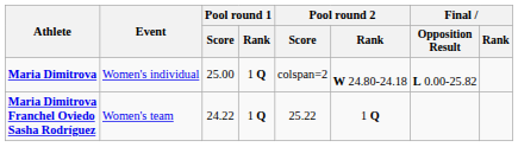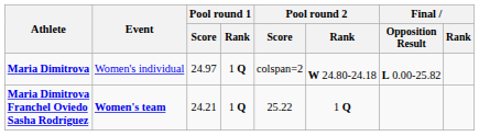 <table class=wikitable style=font-size:90%;text-align:center>
 <tr>
 <th rowspan=2>Athlete</th>
 <th rowspan=2>Event</th>
 <th colspan=2>Pool round 1</th>
 <th colspan=2>Pool round 2</th>
 <th colspan=2>Final / </th>
 </tr>
 <tr style=font-size:95%>
 <th>Score</th>
 <th>Rank</th>
 <th>Score</th>
 <th>Rank</th>
 <th>Opposition<br>Result</th>
 <th>Rank</th>
 </tr>
 <tr>
 <td align=left><strong><a href='#'>Maria Dimitrova</a></strong></td>
 <td align=left><a href='#'>Women's individual</a></td>
-<td>25.00</td>
+<td>24.97</td>
 <td>1 <strong>Q</strong></td>
 <td>colspan=2 </td>
 <td><br><strong>W</strong> 24.80-24.18</td>
 <td><br><strong>L</strong> 0.00-25.82</td>
 <td></td>
 </tr>
 <tr>
 <td align=left><strong><a href='#'>Maria Dimitrova</a><br><a href='#'>Franchel Oviedo</a><br><a href='#'>Sasha Rodríguez</a> </strong></td>
-<td align=left><a href='#'>Women's team</a></td>
-<td>24.22</td>
+<td align=left><strong><a href='#'>Women's team</a></strong></td>
+<td>24.21</td>
 <td>1 <strong>Q</strong></td>
 <td>25.22</td>
 <td>1 <strong>Q</strong></td>
 <td></td>
 </tr>
 </table>
